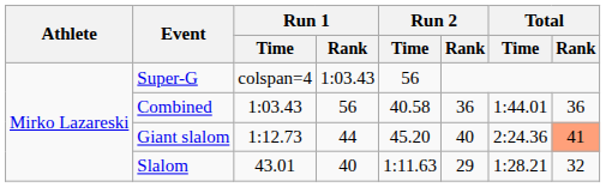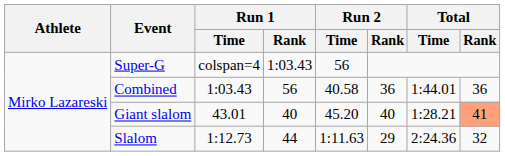 <table class="wikitable" style="font-size:90%">
 <tr>
 <th rowspan=2>Athlete</th>
 <th rowspan=2>Event</th>
 <th colspan=2>Run 1</th>
 <th colspan=2>Run 2</th>
 <th colspan=2>Total</th>
 </tr>
 <tr style="font-size:95%">
 <th>Time</th>
 <th>Rank</th>
 <th>Time</th>
 <th>Rank</th>
 <th>Time</th>
 <th>Rank</th>
 </tr>
 <tr align=center>
 <td align="left" rowspan="4"><a href='#'>Mirko Lazareski</a></td>
 <td align="left"><a href='#'>Super-G</a></td>
 <td>colspan=4</td>
 <td>1:03.43</td>
 <td>56</td>
 </tr>
 <tr align=center>
 <td align="left"><a href='#'>Combined</a></td>
 <td>1:03.43</td>
 <td>56</td>
 <td>40.58</td>
 <td>36</td>
 <td>1:44.01</td>
 <td>36</td>
 </tr>
 <tr align=center>
 <td align="left"><a href='#'>Giant slalom</a></td>
-<td>1:12.73</td>
-<td>44</td>
+<td>43.01</td>
+<td>40</td>
 <td>45.20</td>
 <td>40</td>
-<td>2:24.36</td>
+<td>1:28.21</td>
 <td style="background: lightsalmon;">41</td>
 </tr>
 <tr align=center>
 <td align="left"><a href='#'>Slalom</a></td>
-<td>43.01</td>
-<td>40</td>
+<td>1:12.73</td>
+<td>44</td>
 <td>1:11.63</td>
 <td>29</td>
-<td>1:28.21</td>
+<td>2:24.36</td>
 <td>32</td>
 </tr>
 </table>
